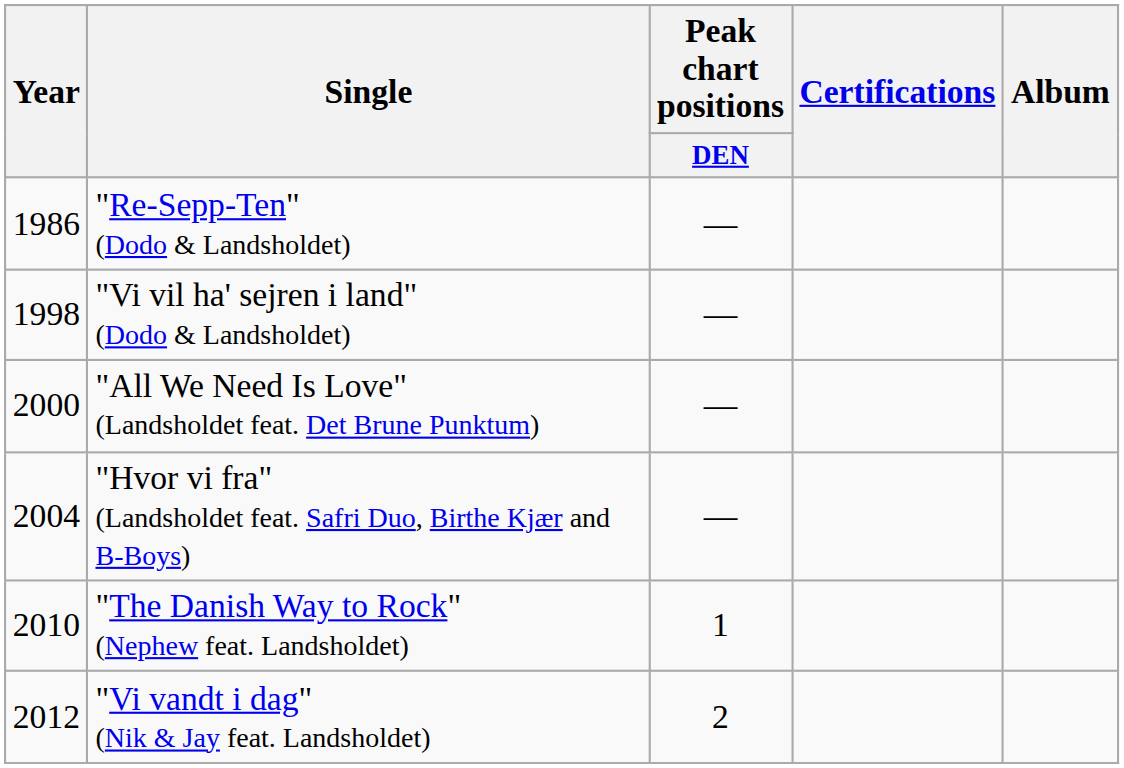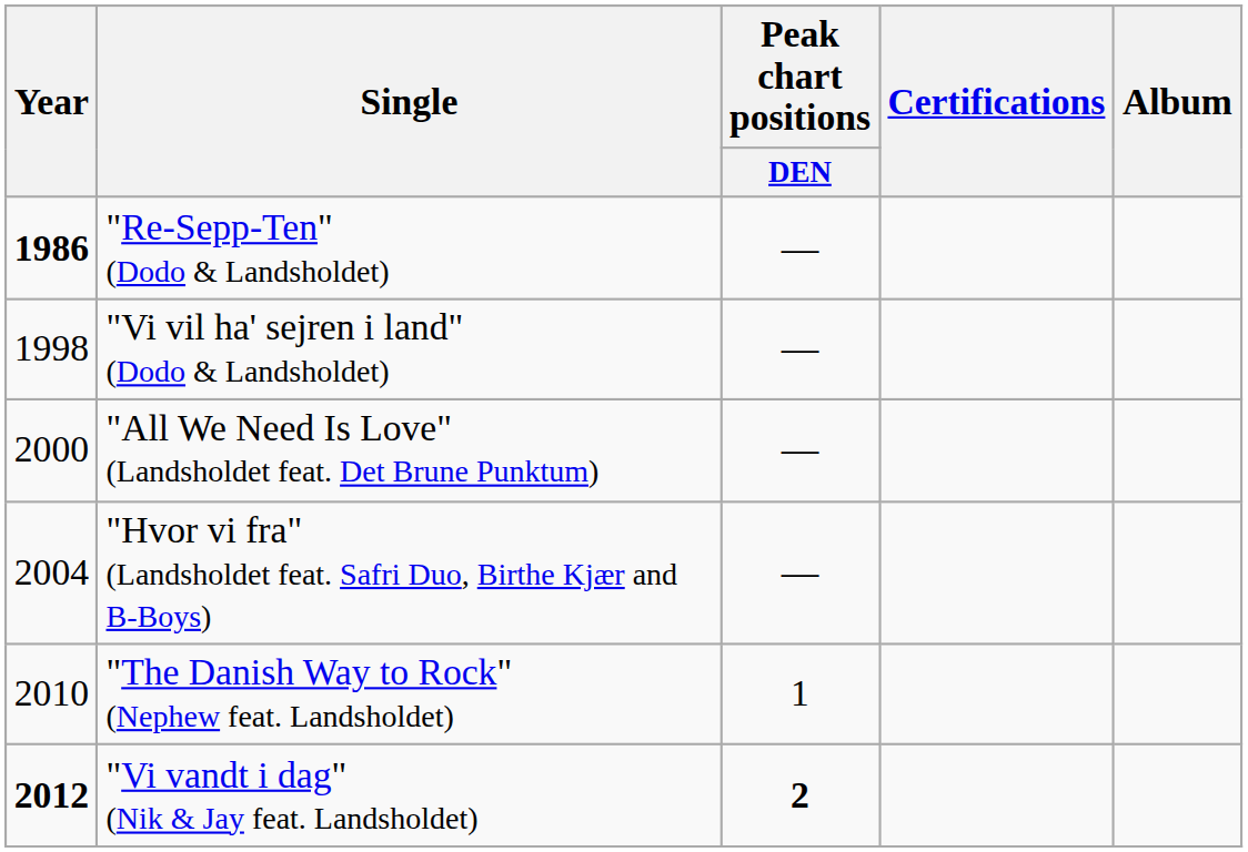 <table class="wikitable">
 <tr>
 <th rowspan="2" align="center">Year</th>
 <th rowspan="2" width="260" align="center">Single</th>
 <th colspan="1" align="center">Peak chart <br>positions</th>
 <th rowspan="2" align="center"><a href='#'>Certifications</a></th>
 <th rowspan="2" align="center">Album</th>
 </tr>
 <tr>
 <th style="width:3em;font-size:80%"><a href='#'>DEN</a><br></th>
 </tr>
 <tr>
-<td>1986</td>
+<td><strong>1986</strong></td>
 <td>"<a href='#'>Re-Sepp-Ten</a>" <br><small>(<a href='#'>Dodo</a> & Landsholdet)</small></td>
 <td align="center">—</td>
 <td></td>
 <td></td>
 </tr>
 <tr>
 <td>1998</td>
 <td>"Vi vil ha' sejren i land" <br><small>(<a href='#'>Dodo</a> & Landsholdet)</small></td>
 <td align="center">—</td>
 <td></td>
 <td></td>
 </tr>
 <tr>
 <td>2000</td>
 <td>"All We Need Is Love" <br><small>(Landsholdet feat. <a href='#'>Det Brune Punktum</a>)</small></td>
 <td align="center">—</td>
 <td></td>
 <td></td>
 </tr>
 <tr>
 <td>2004</td>
 <td>"Hvor vi fra" <br><small>(Landsholdet feat. <a href='#'>Safri Duo</a>, <a href='#'>Birthe Kjær</a> and <a href='#'>B-Boys</a>)</small></td>
 <td align="center">—</td>
 <td></td>
 <td></td>
 </tr>
 <tr>
 <td>2010</td>
 <td>"<a href='#'>The Danish Way to Rock</a>" <br><small>(<a href='#'>Nephew</a> feat. Landsholdet)</small></td>
 <td align="center">1</td>
 <td></td>
 <td></td>
 </tr>
 <tr>
-<td>2012</td>
+<td><strong>2012</strong></td>
 <td>"<a href='#'>Vi vandt i dag</a>" <br><small>(<a href='#'>Nik & Jay</a> feat. Landsholdet)</small></td>
-<td align="center">2</td>
+<td align="center"><strong>2</strong></td>
 <td></td>
 <td></td>
 </tr>
 <tr>
 </tr>
 </table>
